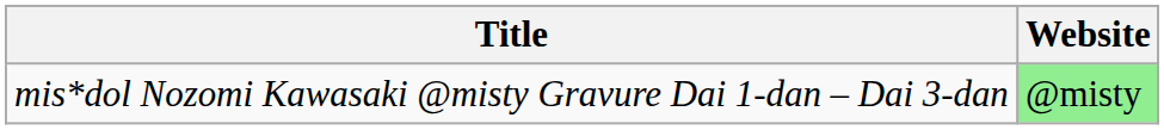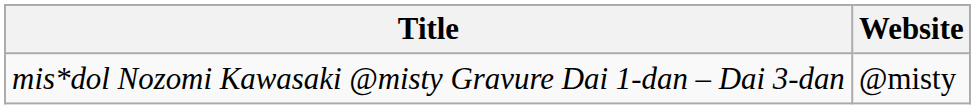 <table class="wikitable">
 <tr>
 <th>Title</th>
 <th>Website</th>
 </tr>
 <tr>
 <td><em>mis*dol Nozomi Kawasaki @misty Gravure Dai 1-dan – Dai 3-dan</em></td>
-<td style="background: lightgreen;">@misty</td>
+<td>@misty</td>
 </tr>
 </table>
